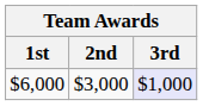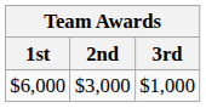 <table class="wikitable">
 <tr>
 <th colspan=3 scope="col">Team Awards</th>
 </tr>
 <tr>
 <th scope="col">1st</th>
 <th scope="col">2nd</th>
 <th scope="col">3rd</th>
 </tr>
 <tr>
 <td>$6,000</td>
 <td>$3,000</td>
-<td style="background: lavender;">$1,000</td>
+<td>$1,000</td>
 </tr>
 </table>
